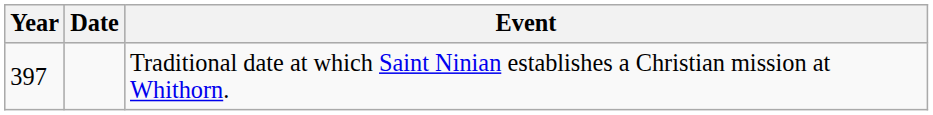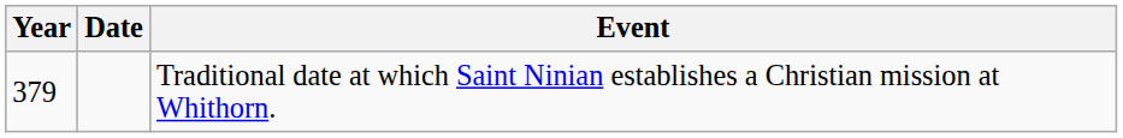 <table class="wikitable">
 <tr>
 <th style="width:6en">Year</th>
 <th style="width:15en">Date</th>
 <th>Event</th>
 </tr>
 <tr>
-<td>397</td>
+<td>379</td>
 <td></td>
 <td>Traditional date at which <a href='#'>Saint Ninian</a> establishes a Christian mission at <a href='#'>Whithorn</a>.</td>
 </tr>
 </table>
